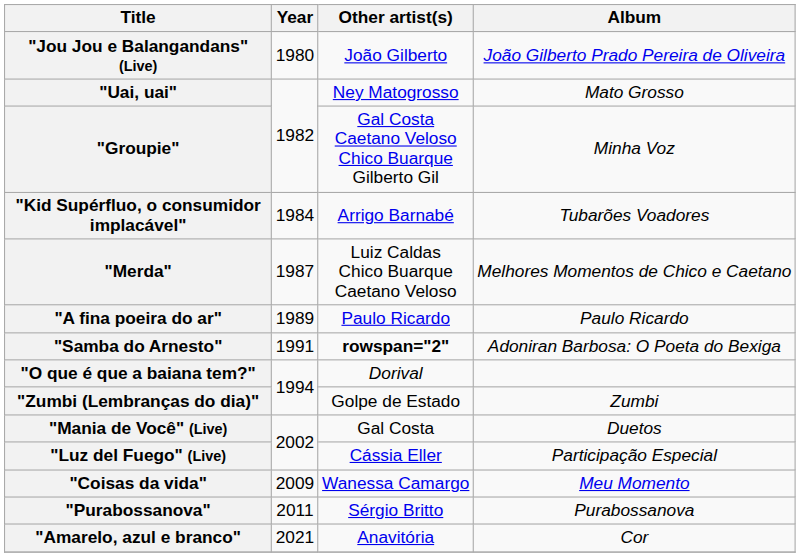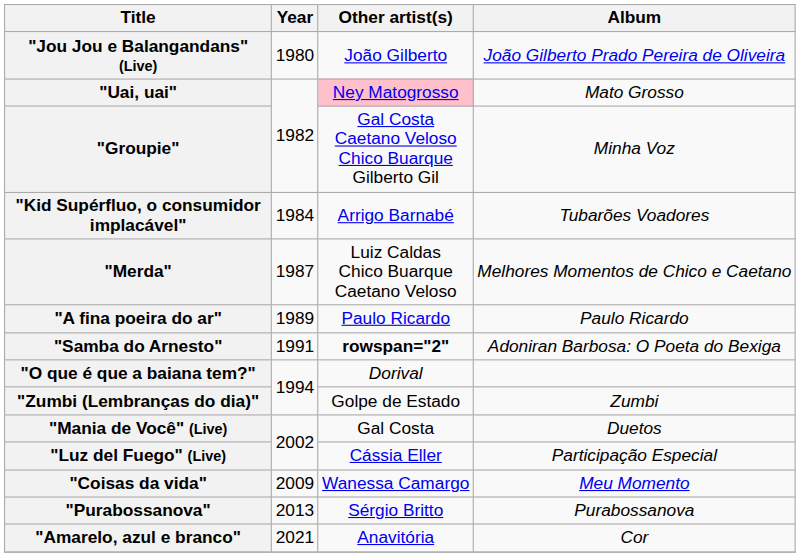 <table class="wikitable plainrowheaders" style="text-align:center;">
 <tr>
 <th scope="col" style="width:15em;">Title</th>
 <th scope="col">Year</th>
 <th scope="col">Other artist(s)</th>
 <th scope="col">Album</th>
 </tr>
 <tr>
 <th scope="row">"Jou Jou e Balangandans" <small>(Live)</small></th>
 <td>1980</td>
 <td><a href='#'>João Gilberto</a></td>
 <td><em><a href='#'>João Gilberto Prado Pereira de Oliveira</a></em></td>
 </tr>
 <tr>
 <th scope="row">"Uai, uai"</th>
 <td rowspan=2>1982</td>
-<td><a href='#'>Ney Matogrosso</a></td>
+<td style="background: pink;"><a href='#'>Ney Matogrosso</a></td>
 <td><em>Mato Grosso</em></td>
 </tr>
 <tr>
 <th scope="row">"Groupie"</th>
 <td><a href='#'>Gal Costa</a><br><a href='#'>Caetano Veloso</a><br><a href='#'>Chico Buarque</a><br>Gilberto Gil</td>
 <td><em>Minha Voz</em></td>
 </tr>
 <tr>
 <th scope="row">"Kid Supérfluo, o consumidor implacável"</th>
 <td>1984</td>
 <td><a href='#'>Arrigo Barnabé</a></td>
 <td><em>Tubarões Voadores</em></td>
 </tr>
 <tr>
 <th scope="row">"Merda"</th>
 <td>1987</td>
 <td>Luiz Caldas<br>Chico Buarque<br>Caetano Veloso</td>
 <td><em>Melhores Momentos de Chico e Caetano</em></td>
 </tr>
 <tr>
 <th scope="row">"A fina poeira do ar"</th>
 <td>1989</td>
 <td><a href='#'>Paulo Ricardo</a></td>
 <td><em>Paulo Ricardo</em></td>
 </tr>
 <tr>
 <th scope="row">"Samba do Arnesto"</th>
 <td>1991</td>
 <td><strong>rowspan="2" </strong></td>
 <td><em>Adoniran Barbosa: O Poeta do Bexiga</em></td>
 </tr>
 <tr>
 <th scope="row">"O que é que a baiana tem?"</th>
 <td rowspan="2">1994</td>
 <td><em>Dorival</em></td>
 </tr>
 <tr>
 <th scope="row">"Zumbi (Lembranças do dia)"</th>
 <td>Golpe de Estado</td>
 <td><em>Zumbi</em></td>
 </tr>
 <tr>
 <th scope="row">"Mania de Você" <small>(Live)</small></th>
 <td rowspan="2">2002</td>
 <td>Gal Costa</td>
 <td><em>Duetos</em></td>
 </tr>
 <tr>
 <th scope="row">"Luz del Fuego" <small>(Live)</small></th>
 <td><a href='#'>Cássia Eller</a></td>
 <td><em>Participação Especial</em></td>
 </tr>
 <tr>
 <th scope="row">"Coisas da vida"</th>
 <td>2009</td>
 <td><a href='#'>Wanessa Camargo</a></td>
 <td><em><a href='#'>Meu Momento</a></em></td>
 </tr>
 <tr>
 <th scope="row">"Purabossanova"</th>
-<td>2011</td>
+<td>2013</td>
 <td><a href='#'>Sérgio Britto</a></td>
 <td><em>Purabossanova</em></td>
 </tr>
 <tr>
 <th scope="row">"Amarelo, azul e branco"</th>
 <td>2021</td>
 <td><a href='#'>Anavitória</a></td>
 <td><em>Cor</em></td>
 </tr>
 <tr>
 </tr>
 </table>
